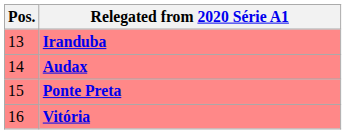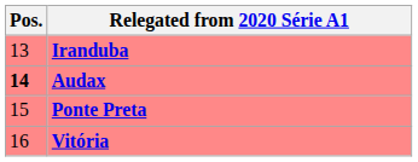 <table class="wikitable">
 <tr>
 <th style="text-align:center;">Pos.</th>
 <th width=300>Relegated from <a href='#'>2020 Série A1</a></th>
 </tr>
 <tr style="background: #FF8888;">
 <td>13</td>
 <td><strong><a href='#'>Iranduba</a></strong></td>
 </tr>
 <tr style="background: #FF8888;">
-<td>14</td>
+<td><strong>14</strong></td>
 <td><strong><a href='#'>Audax</a></strong></td>
 </tr>
 <tr style="background: #FF8888;">
 <td>15</td>
 <td><strong><a href='#'>Ponte Preta</a></strong></td>
 </tr>
 <tr style="background: #FF8888;">
 <td>16</td>
 <td><strong><a href='#'>Vitória</a></strong></td>
 </tr>
 </table>
